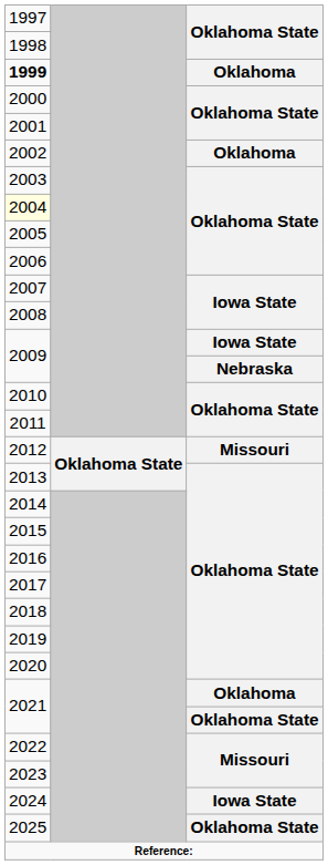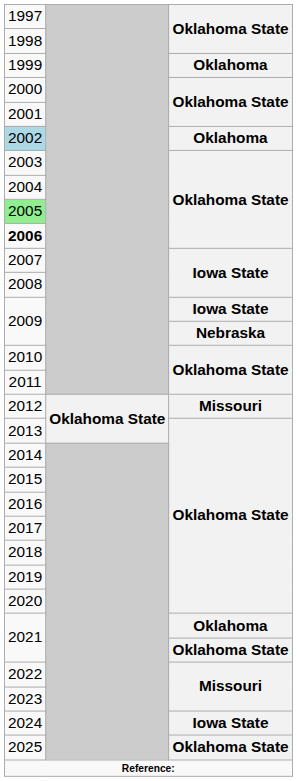 <table class="wikitable" style="text-align: center;">
 <tr>
 <td>1997</td>
 <td bgcolor="#cccccc" rowspan="16"></td>
 <th rowspan="2">Oklahoma State</th>
 </tr>
 <tr>
 <td>1998</td>
 </tr>
 <tr>
-<td><strong>1999</strong></td>
+<td>1999</td>
 <th>Oklahoma</th>
 </tr>
 <tr>
 <td>2000</td>
 <th rowspan="2">Oklahoma State</th>
 </tr>
 <tr>
 <td>2001</td>
 </tr>
 <tr>
-<td>2002</td>
+<td style="background: lightblue;">2002</td>
 <th>Oklahoma</th>
 </tr>
 <tr>
 <td>2003</td>
 <th rowspan="4">Oklahoma State</th>
 </tr>
 <tr>
-<td style="background: lightyellow;">2004</td>
+<td>2004</td>
 </tr>
 <tr>
-<td>2005</td>
+<td style="background: lightgreen;">2005</td>
 </tr>
 <tr>
-<td>2006</td>
+<td><strong>2006</strong></td>
 </tr>
 <tr>
 <td>2007</td>
 <th rowspan="2">Iowa State</th>
 </tr>
 <tr>
 <td>2008</td>
 </tr>
 <tr>
 <td rowspan="2">2009</td>
 <th>Iowa State </th>
 </tr>
 <tr>
 <th>Nebraska</th>
 </tr>
 <tr>
 <td>2010</td>
 <th rowspan="2">Oklahoma State</th>
 </tr>
 <tr>
 <td>2011</td>
 </tr>
 <tr>
 <td>2012</td>
 <th rowspan="2">Oklahoma State</th>
 <th>Missouri</th>
 </tr>
 <tr>
 <td>2013</td>
 <th rowspan="8">Oklahoma State</th>
 </tr>
 <tr>
 <td>2014</td>
 <td bgcolor="#cccccc" rowspan="13"></td>
 </tr>
 <tr>
 <td>2015</td>
 </tr>
 <tr>
 <td>2016</td>
 </tr>
 <tr>
 <td>2017</td>
 </tr>
 <tr>
 <td>2018</td>
 </tr>
 <tr>
 <td>2019</td>
 </tr>
 <tr>
 <td>2020</td>
 </tr>
 <tr>
 <td rowspan="2">2021</td>
 <th>Oklahoma</th>
 </tr>
 <tr>
 <th>Oklahoma State </th>
 </tr>
 <tr>
 <td>2022</td>
 <th rowspan="2">Missouri</th>
 </tr>
 <tr>
 <td>2023</td>
 </tr>
 <tr>
 <td>2024</td>
 <th>Iowa State</th>
 </tr>
 <tr>
 <td>2025</td>
 <th>Oklahoma State</th>
 </tr>
 <tr>
 <td colspan="4"  style="font-size:8pt;"><strong>Reference:</strong></td>
 </tr>
 </table>
